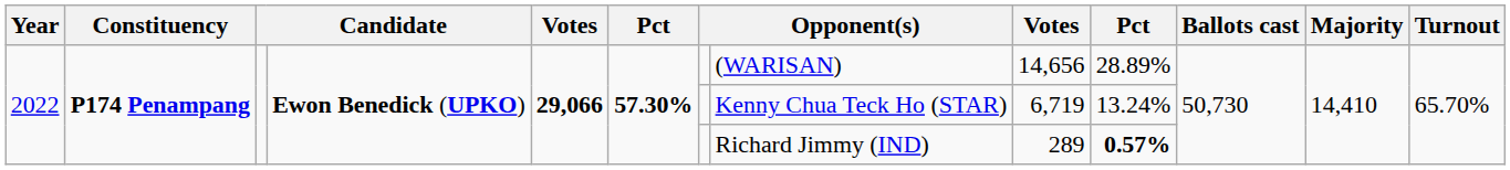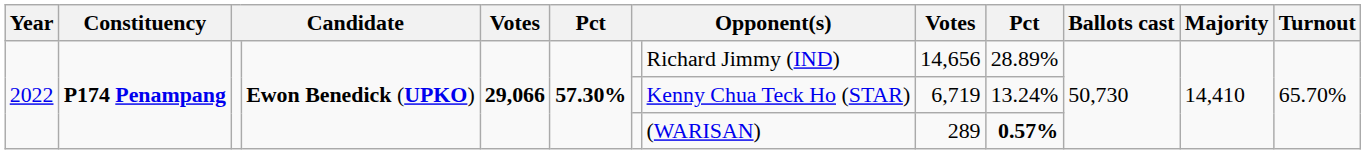 <table class="wikitable" style="margin:0.5em ; font-size:95%">
 <tr>
 <th>Year</th>
 <th>Constituency</th>
 <th colspan=2>Candidate</th>
 <th>Votes</th>
 <th>Pct</th>
 <th colspan=2>Opponent(s)</th>
 <th>Votes</th>
 <th>Pct</th>
 <th>Ballots cast</th>
 <th>Majority</th>
 <th>Turnout</th>
 </tr>
 <tr>
 <td rowspan=3><a href='#'>2022</a></td>
 <td rowspan=3><strong>P174 <a href='#'>Penampang</a></strong></td>
 <td rowspan=3 ></td>
 <td rowspan=3><strong>Ewon Benedick</strong> (<a href='#'><strong>UPKO</strong></a>)</td>
 <td rowspan=3 align="right"><strong>29,066</strong></td>
 <td rowspan=3><strong>57.30%</strong></td>
 <td></td>
-<td> (<a href='#'>WARISAN</a>)</td>
+<td>Richard Jimmy (<a href='#'>IND</a>)</td>
 <td align="right">14,656</td>
 <td>28.89%</td>
 <td rowspan=3>50,730</td>
 <td rowspan=3>14,410</td>
 <td rowspan=3>65.70%</td>
 </tr>
 <tr>
 <td></td>
 <td><a href='#'>Kenny Chua Teck Ho</a> (<a href='#'>STAR</a>)</td>
 <td align="right">6,719</td>
 <td>13.24%</td>
 </tr>
 <tr>
 <td></td>
-<td>Richard Jimmy (<a href='#'>IND</a>)</td>
+<td> (<a href='#'>WARISAN</a>)</td>
 <td align="right">289</td>
 <td align="right"><strong>0.57%</strong></td>
 </tr>
 </table>
